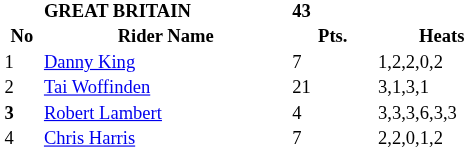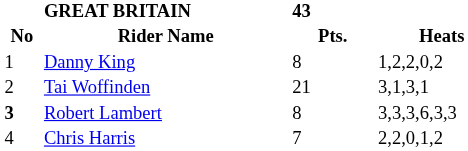 <table class="toccolours">
 <tr>
 <td></td>
 <td><strong>GREAT BRITAIN</strong></td>
 <td><strong>43</strong></td>
 </tr>
 <tr style="background: ">
 <th width=30px>No</th>
 <th width=210px>Rider Name</th>
 <th width=70px>Pts.</th>
 <th width=110px>Heats</th>
 </tr>
 <tr style="background-color:">
 <td>1</td>
 <td><a href='#'>Danny King</a></td>
-<td>7</td>
+<td>8</td>
 <td>1,2,2,0,2</td>
 </tr>
 <tr style="background-color:">
 <td>2</td>
 <td><a href='#'>Tai Woffinden</a></td>
 <td>21</td>
 <td>3,1,3,1</td>
 </tr>
 <tr style="background-color:">
 <td><strong>3</strong></td>
 <td><a href='#'>Robert Lambert</a></td>
-<td>4</td>
+<td>8</td>
 <td>3,3,3,6,3,3</td>
 </tr>
 <tr style="background-color:">
 <td>4</td>
 <td><a href='#'>Chris Harris</a></td>
 <td>7</td>
 <td>2,2,0,1,2</td>
 </tr>
 </table>
